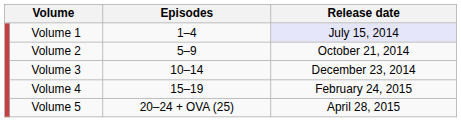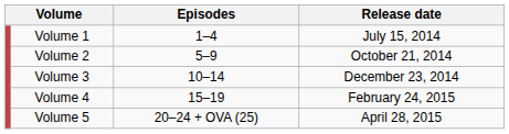 <table class="wikitable" style="text-align: center; width: 98%;">
 <tr>
 <th colspan="2">Volume</th>
 <th>Episodes</th>
 <th>Release date</th>
 </tr>
 <tr>
 <td rowspan="5" width="1%" style="background: #C64043;"></td>
 <td>Volume 1</td>
 <td>1–4</td>
-<td style="background: lavender;">July 15, 2014</td>
+<td>July 15, 2014</td>
 </tr>
 <tr>
 <td>Volume 2</td>
 <td>5–9</td>
 <td>October 21, 2014</td>
 </tr>
 <tr>
 <td>Volume 3</td>
 <td>10–14</td>
 <td>December 23, 2014</td>
 </tr>
 <tr>
 <td>Volume 4</td>
 <td>15–19</td>
 <td>February 24, 2015</td>
 </tr>
 <tr>
 <td>Volume 5</td>
 <td>20–24 + OVA (25)</td>
 <td>April 28, 2015</td>
 </tr>
 </table>
